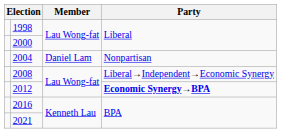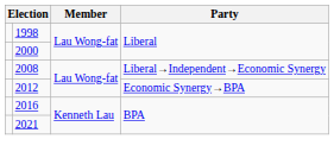 <table class="wikitable">
 <tr>
 <th colspan="2">Election</th>
 <th>Member</th>
 <th>Party</th>
 </tr>
 <tr>
 <td style="background-color: "></td>
 <td><a href='#'>1998</a></td>
 <td rowspan=2><a href='#'>Lau Wong-fat</a></td>
 <td rowspan=2><a href='#'>Liberal</a></td>
 </tr>
 <tr>
 <td style="background-color: "></td>
 <td><a href='#'>2000</a></td>
 </tr>
 <tr>
 <td style="background-color: "></td>
-<td><a href='#'>2004</a></td>
-<td><a href='#'>Daniel Lam</a></td>
-<td><a href='#'>Nonpartisan</a></td>
-</tr>
-<tr>
-<td style="background-color: "></td>
 <td><a href='#'>2008</a></td>
 <td rowspan=2><a href='#'>Lau Wong-fat</a></td>
 <td><a href='#'>Liberal</a>→<a href='#'>Independent</a>→<a href='#'>Economic Synergy</a></td>
 </tr>
 <tr>
 <td style="background-color: "></td>
 <td><a href='#'>2012</a></td>
-<td><strong><a href='#'>Economic Synergy</a>→<a href='#'>BPA</a></strong></td>
+<td><a href='#'>Economic Synergy</a>→<a href='#'>BPA</a></td>
 </tr>
 <tr>
 <td style="background-color: "></td>
 <td><a href='#'>2016</a></td>
 <td rowspan="2"><a href='#'>Kenneth Lau</a></td>
 <td rowspan="2"><a href='#'>BPA</a></td>
 </tr>
 <tr>
 <td style="background-color: "></td>
 <td><a href='#'>2021</a></td>
 </tr>
 </table>
